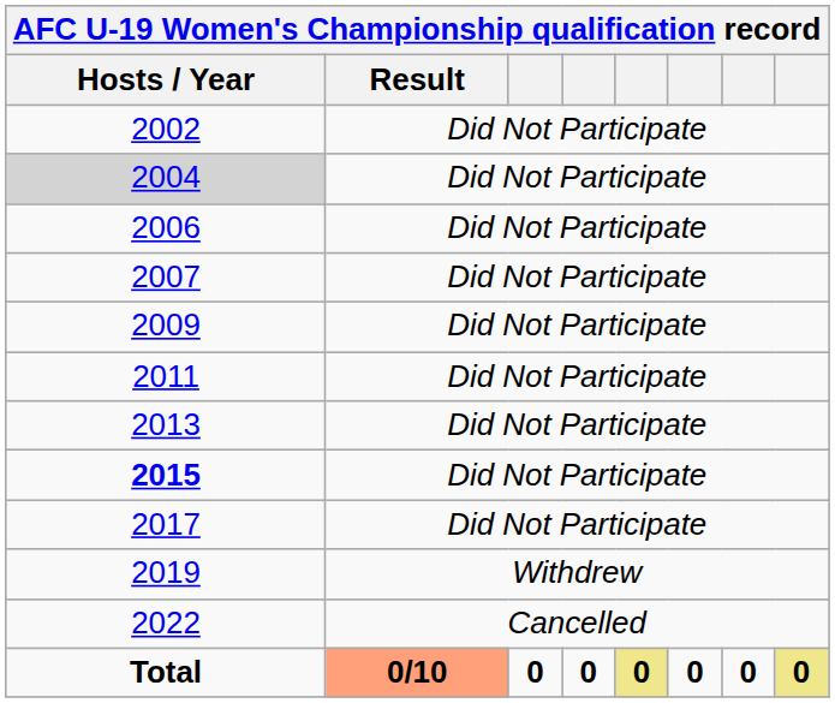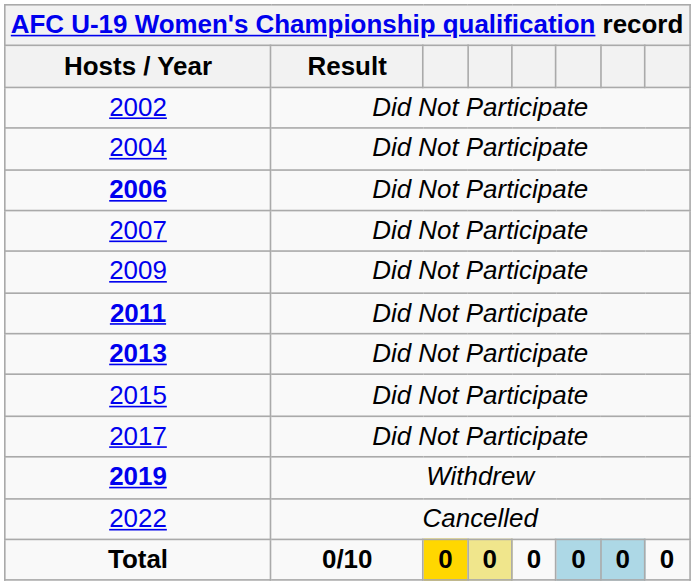 <table class="wikitable" style="text-align: center;">
 <tr>
 <th colspan=9><a href='#'>AFC U-19 Women's Championship qualification</a> record</th>
 </tr>
 <tr>
 <th>Hosts / Year</th>
 <th>Result</th>
 <th width=20></th>
 <th width=20></th>
 <th width=20></th>
 <th width=20></th>
 <th width=20></th>
 <th width=20></th>
 </tr>
 <tr>
 <td> <a href='#'>2002</a></td>
 <td colspan=10><em>Did Not Participate</em></td>
 </tr>
 <tr>
-<td style="background: lightgrey;"> <a href='#'>2004</a></td>
+<td> <a href='#'>2004</a></td>
 <td colspan=10><em>Did Not Participate</em></td>
 </tr>
 <tr>
-<td><a href='#'>2006</a></td>
+<td><strong><a href='#'>2006</a></strong></td>
 <td colspan=10><em>Did Not Participate</em></td>
 </tr>
 <tr>
 <td> <a href='#'>2007</a></td>
 <td colspan=10><em>Did Not Participate</em></td>
 </tr>
 <tr>
 <td> <a href='#'>2009</a></td>
 <td colspan=10><em>Did Not Participate</em></td>
 </tr>
 <tr>
-<td><a href='#'>2011</a></td>
+<td><strong><a href='#'>2011</a></strong></td>
 <td colspan=10><em>Did Not Participate</em></td>
 </tr>
 <tr>
-<td><a href='#'>2013</a></td>
+<td><strong><a href='#'>2013</a></strong></td>
 <td colspan=10><em>Did Not Participate</em></td>
 </tr>
 <tr>
-<td><strong> <a href='#'>2015</a></strong></td>
+<td> <a href='#'>2015</a></td>
 <td colspan=10><em>Did Not Participate</em></td>
 </tr>
 <tr>
 <td> <a href='#'>2017</a></td>
 <td colspan=10><em>Did Not Participate</em></td>
 </tr>
 <tr>
-<td><a href='#'>2019</a></td>
+<td><strong><a href='#'>2019</a></strong></td>
 <td colspan=10><em> Withdrew </em></td>
 </tr>
 <tr>
 <td> <a href='#'>2022</a></td>
 <td colspan=10><em>Cancelled</em></td>
 </tr>
 <tr>
 <td><strong>Total</strong></td>
-<td style="background: lightsalmon;"><strong>0/10</strong></td>
-<td><strong>0</strong></td>
-<td><strong>0</strong></td>
+<td><strong>0/10</strong></td>
+<td style="background: gold;"><strong>0</strong></td>
 <td style="background: khaki;"><strong>0</strong></td>
 <td><strong>0</strong></td>
+<td style="background: lightblue;"><strong>0</strong></td>
+<td style="background: lightblue;"><strong>0</strong></td>
 <td><strong>0</strong></td>
-<td style="background: khaki;"><strong>0</strong></td>
 </tr>
 </table>
